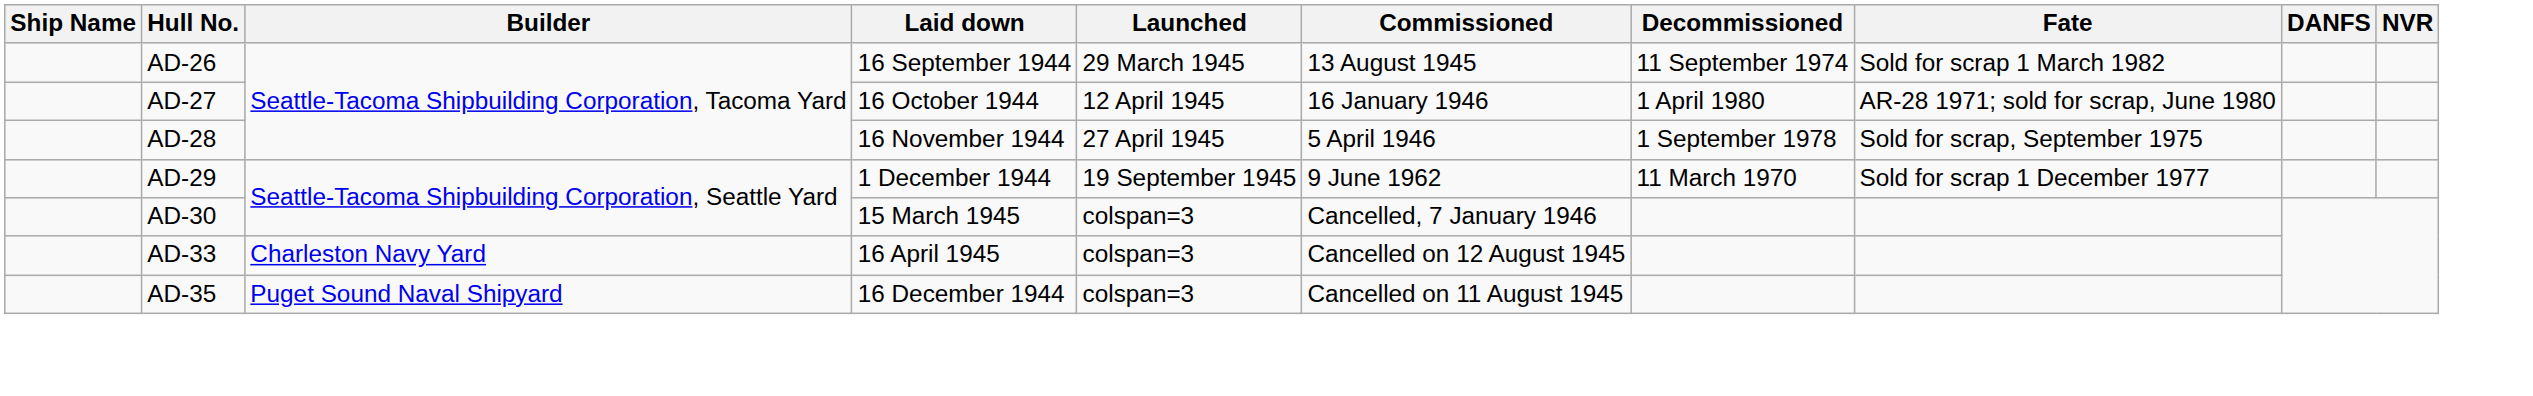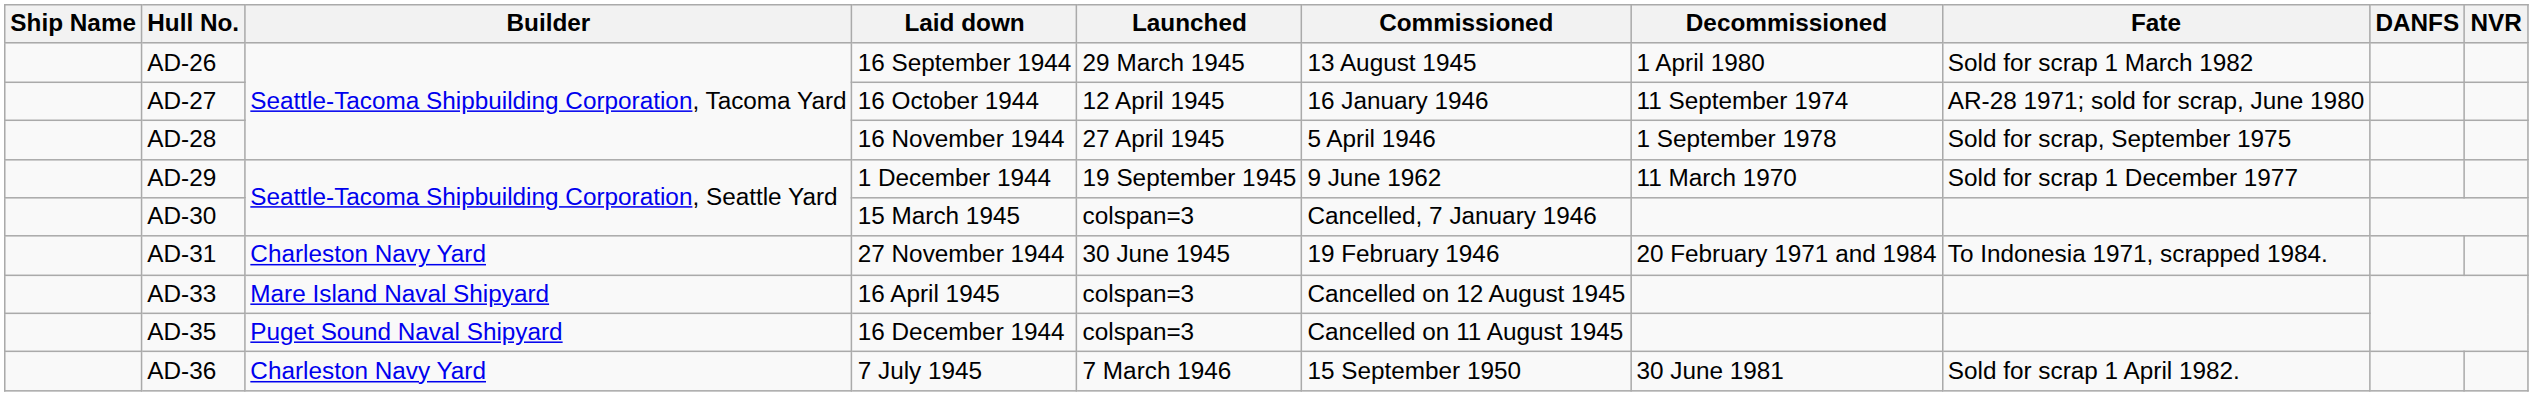 <table class="sortable wikitable">
 <tr>
 <th>Ship Name</th>
 <th>Hull No.</th>
 <th>Builder</th>
 <th>Laid down</th>
 <th>Launched</th>
 <th>Commissioned</th>
 <th>Decommissioned</th>
 <th>Fate</th>
 <th>DANFS</th>
 <th>NVR</th>
 </tr>
 <tr>
 <td></td>
 <td>AD-26</td>
 <td rowspan=3><a href='#'>Seattle-Tacoma Shipbuilding Corporation</a>, Tacoma Yard</td>
 <td>16 September 1944</td>
 <td>29 March 1945</td>
 <td>13 August 1945</td>
-<td>11 September 1974</td>
+<td>1 April 1980</td>
 <td>Sold for scrap 1 March 1982</td>
 <td></td>
 <td></td>
 </tr>
 <tr>
 <td></td>
 <td>AD-27</td>
 <td>16 October 1944</td>
 <td>12 April 1945</td>
 <td>16 January 1946</td>
-<td>1 April 1980</td>
+<td>11 September 1974</td>
 <td>AR-28 1971; sold for scrap, June 1980</td>
 <td></td>
 <td></td>
 </tr>
 <tr>
 <td></td>
 <td>AD-28</td>
 <td>16 November 1944</td>
 <td>27 April 1945</td>
 <td>5 April 1946</td>
 <td>1 September 1978</td>
 <td>Sold for scrap, September 1975</td>
 <td></td>
 <td></td>
 </tr>
 <tr>
 <td></td>
 <td>AD-29</td>
 <td rowspan=2><a href='#'>Seattle-Tacoma Shipbuilding Corporation</a>, Seattle Yard</td>
 <td>1 December 1944</td>
 <td>19 September 1945</td>
 <td>9 June 1962</td>
 <td>11 March 1970</td>
 <td>Sold for scrap 1 December 1977</td>
 <td></td>
 <td></td>
 </tr>
 <tr>
 <td></td>
 <td>AD-30</td>
 <td>15 March 1945</td>
 <td>colspan=3 </td>
 <td>Cancelled, 7 January 1946</td>
 <td></td>
 <td></td>
 </tr>
 <tr>
 <td></td>
+<td>AD-31</td>
+<td><a href='#'>Charleston Navy Yard</a></td>
+<td>27 November 1944</td>
+<td>30 June 1945</td>
+<td>19 February 1946</td>
+<td>20 February 1971 and 1984</td>
+<td>To Indonesia 1971, scrapped 1984.</td>
+<td></td>
+<td></td>
+</tr>
+<tr>
+<td></td>
 <td>AD-33</td>
-<td><a href='#'>Charleston Navy Yard</a></td>
+<td><a href='#'>Mare Island Naval Shipyard</a></td>
 <td>16 April 1945</td>
 <td>colspan=3 </td>
 <td>Cancelled on 12 August 1945</td>
 <td></td>
 <td></td>
 </tr>
 <tr>
 <td></td>
 <td>AD-35</td>
 <td><a href='#'>Puget Sound Naval Shipyard</a></td>
 <td>16 December 1944</td>
 <td>colspan=3 </td>
 <td>Cancelled on 11 August 1945</td>
 <td></td>
 <td></td>
 </tr>
+<tr>
+<td></td>
+<td>AD-36</td>
+<td><a href='#'>Charleston Navy Yard</a></td>
+<td>7 July 1945</td>
+<td>7 March 1946</td>
+<td>15 September 1950</td>
+<td>30 June 1981</td>
+<td>Sold for scrap 1 April 1982.</td>
+<td></td>
+<td></td>
+</tr>
 </table>
